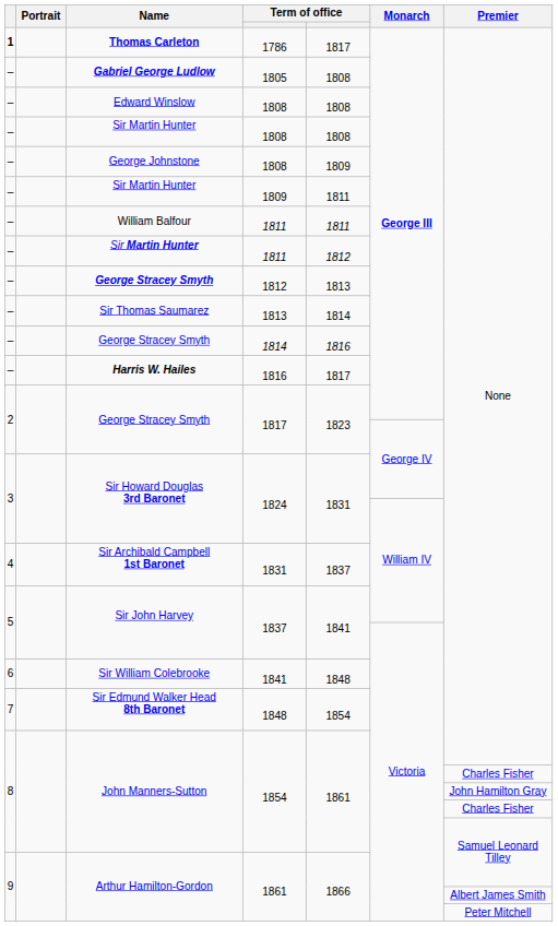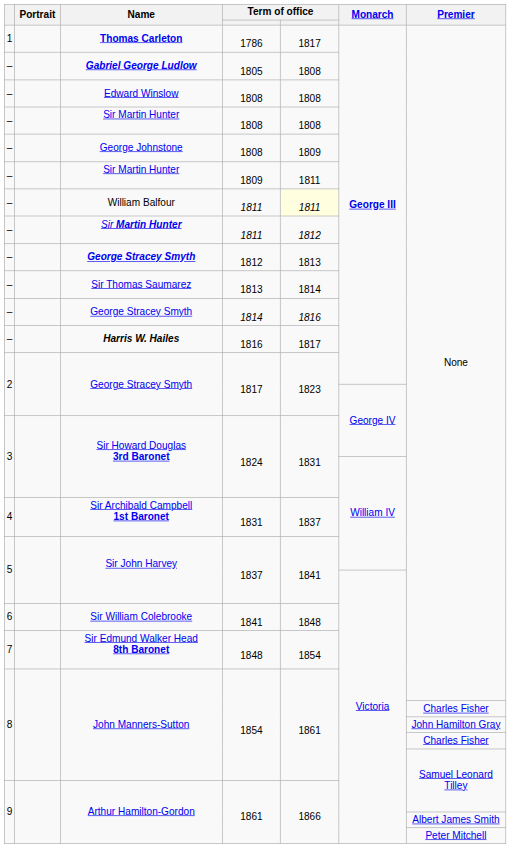 <table class="wikitable" style="text-align:center; border:1px #aaf solid;">
 <tr>
 <th rowspan="2"></th>
 <th rowspan="2" width="65">Portrait</th>
 <th rowspan="2" width="250">Name<br></th>
 <th colspan="2">Term of office</th>
 <th rowspan="2" width="100"><a href='#'>Monarch</a><br></th>
 <th rowspan="2" width="150"><a href='#'>Premier</a><br></th>
 </tr>
 <tr>
 <th width="85"></th>
 <th width="85"></th>
 </tr>
 <tr>
-<td><strong>1</strong></td>
+<td>1</td>
 <td></td>
 <td><strong><a href='#'>Thomas Carleton</a></strong><br></td>
 <td><br>1786</td>
 <td><br>1817</td>
 <td rowspan="13"><strong><a href='#'>George III</a></strong><br></td>
 <td rowspan="22">None</td>
 </tr>
 <tr>
 <td>–</td>
 <td></td>
 <td><strong><em><a href='#'>Gabriel George Ludlow</a><strong><br><em></td>
 <td></em><br>1805<em></td>
 <td></em><br>1808<em></td>
 </tr>
 <tr>
 <td>–</td>
 <td></td>
 <td><a href='#'></em></strong>Edward Winslow<strong><em></a></em><br><em></td>
 <td></em><br>1808<em></td>
 <td></em><br>1808<em></td>
 </tr>
 <tr>
 <td>–</td>
 <td></td>
 <td></em><a href='#'>Sir </strong>Martin Hunter<strong></a><br><br><em></td>
 <td></em><br>1808<em></td>
 <td></em><br>1808<em></td>
 </tr>
 <tr>
 <td>–</td>
 <td></td>
 <td><a href='#'></em></strong>George Johnstone<strong><em></a></em><br><em></td>
 <td></em><br>1808<em></td>
 <td></em><br>1809<em></td>
 </tr>
 <tr>
 <td>–</td>
 <td></td>
 <td></em><a href='#'>Sir </strong>Martin Hunter<strong></a><br><br><em></td>
 <td></em><br>1809<em></td>
 <td></em><br>1811<em></td>
 </tr>
 <tr>
 <td>–</td>
 <td></td>
 <td></em></strong>William Balfour</strong><br></em></td>
 <td><em><br>1811</em></td>
-<td><em><br>1811</em></td>
+<td style="background: lightyellow;"><em><br>1811</em></td>
 </tr>
 <tr>
 <td>–</td>
 <td></td>
 <td><em><a href='#'>Sir <strong>Martin Hunter</strong></a><br><br></em></td>
 <td><em><br>1811</em></td>
 <td><em><br>1812</em></td>
 </tr>
 <tr>
 <td>–</td>
 <td></td>
 <td><strong><em><a href='#'>George Stracey Smyth</a><strong><br><em></td>
 <td></em><br>1812<em></td>
 <td></em><br>1813<em></td>
 </tr>
 <tr>
 <td>–</td>
 <td></td>
 <td></em><a href='#'>Sir </strong>Thomas Saumarez<strong></a><br><em></td>
 <td></em><br>1813<em></td>
 <td></em><br>1814<em></td>
 </tr>
 <tr>
 <td>–</td>
 <td></td>
 <td></em></strong><a href='#'>George Stracey Smyth</a></strong><br></em></td>
 <td><em><br>1814</em></td>
 <td><em><br>1816</em></td>
 </tr>
 <tr>
 <td>–</td>
 <td></td>
 <td><strong><em>Harris W. Hailes<strong><br><em></td>
 <td></em><br>1816<em></td>
 <td></em><br>1817<em></td>
 </tr>
 <tr style="height:50px;">
 <td rowspan="2">2</td>
 <td rowspan="2"></em><em></td>
 <td rowspan="2"></strong><a href='#'>George Stracey Smyth</a><strong><br></td>
 <td rowspan="2"><br>1817</td>
 <td rowspan="2"><br>1823</td>
 </tr>
 <tr style="height:50px;">
 <td rowspan="2"></strong><a href='#'>George IV</a><strong><br></td>
 </tr>
 <tr style="height:65px;">
 <td rowspan="2">3</td>
 <td rowspan="2"></td>
 <td rowspan="2"><a href='#'>Sir </strong>Howard Douglas<strong><br>3rd Baronet</a><br><br></td>
 <td rowspan="2"><br>1824</td>
 <td rowspan="2"><br>1831</td>
 </tr>
 <tr style="height:65px;">
 <td rowspan="3"></strong><a href='#'>William IV</a><strong><br></td>
 </tr>
 <tr>
 <td>4</td>
 <td></td>
 <td><a href='#'>Sir </strong>Archibald Campbell<strong><br>1st Baronet</a><br><br></td>
 <td><br>1831</td>
 <td><br>1837</td>
 </tr>
 <tr style="height:53px;">
 <td rowspan="2">5</td>
 <td rowspan="2"></td>
 <td rowspan="2"><a href='#'>Sir </strong>John Harvey<strong></a><br><br></td>
 <td rowspan="2"><br>1837</td>
 <td rowspan="2"><br>1841</td>
 </tr>
 <tr style="height:53px;">
 <td rowspan="11"></strong><a href='#'>Victoria</a><strong><br></td>
 </tr>
 <tr>
 <td>6</td>
 <td></em><em></td>
 <td><a href='#'>Sir </strong>William Colebrooke<strong></a><br></td>
 <td><br>1841</td>
 <td><br>1848</td>
 </tr>
 <tr>
 <td>7</td>
 <td></td>
 <td><a href='#'>Sir </strong>Edmund Walker Head<strong><br>8th Baronet</a><br><br></td>
 <td><br>1848</td>
 <td><br>1854</td>
 </tr>
 <tr style="height:50px;">
 <td rowspan="5">8</td>
 <td rowspan="5"></td>
 <td rowspan="5"><a href='#'></strong>John Manners-Sutton<strong></a><br></td>
 <td rowspan="5"><br>1854</td>
 <td rowspan="5"><br>1861</td>
 </tr>
 <tr>
 <td><a href='#'></strong>Charles Fisher<strong></a><br></td>
 </tr>
 <tr>
 <td><a href='#'></strong>John Hamilton Gray<strong></a><br></td>
 </tr>
 <tr>
 <td><a href='#'></strong>Charles Fisher<strong></a><br></td>
 </tr>
 <tr style="height:50px;">
 <td rowspan="2"></strong><a href='#'>Samuel Leonard Tilley</a><strong><br></td>
 </tr>
 <tr style="height:50px;">
 <td rowspan="3">9</td>
 <td rowspan="3"></td>
 <td rowspan="3"><a href='#'></strong>Arthur Hamilton-Gordon<strong></a><br></td>
 <td rowspan="3"><br>1861</td>
 <td rowspan="3"><br>1866</td>
 </tr>
 <tr>
 <td></strong><a href='#'>Albert James Smith</a><strong><br></td>
 </tr>
 <tr>
 <td><a href='#'></strong>Peter Mitchell<strong></a><br></td>
 </tr>
 </table>
